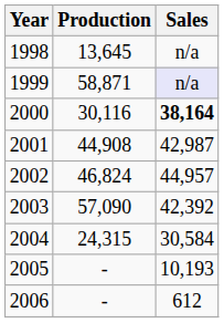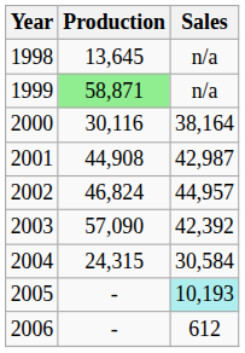 <table class="wikitable" style="text-align:center">
 <tr>
 <th>Year</th>
 <th>Production</th>
 <th>Sales</th>
 </tr>
 <tr>
 <td>1998</td>
 <td>13,645</td>
 <td>n/a</td>
 </tr>
 <tr>
 <td>1999</td>
-<td>58,871</td>
-<td style="background: lavender;">n/a</td>
+<td style="background: lightgreen;">58,871</td>
+<td>n/a</td>
 </tr>
 <tr>
 <td>2000</td>
 <td>30,116</td>
-<td><strong>38,164</strong></td>
+<td>38,164</td>
 </tr>
 <tr>
 <td>2001</td>
 <td>44,908</td>
 <td>42,987</td>
 </tr>
 <tr>
 <td>2002</td>
 <td>46,824</td>
 <td>44,957</td>
 </tr>
 <tr>
 <td>2003</td>
 <td>57,090</td>
 <td>42,392</td>
 </tr>
 <tr>
 <td>2004</td>
 <td>24,315</td>
 <td>30,584</td>
 </tr>
 <tr>
 <td>2005</td>
 <td>-</td>
-<td>10,193</td>
+<td style="background: paleturquoise;">10,193</td>
 </tr>
 <tr>
 <td>2006</td>
 <td>-</td>
 <td>612</td>
 </tr>
 <tr>
 </tr>
 </table>
